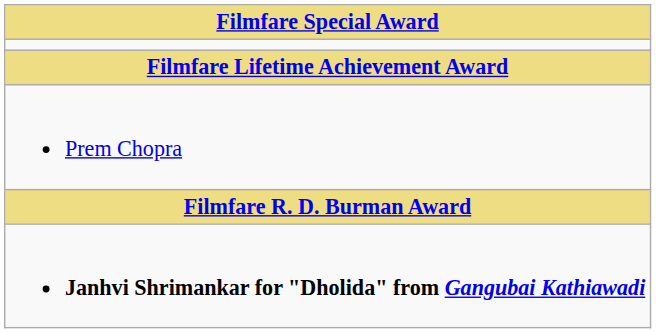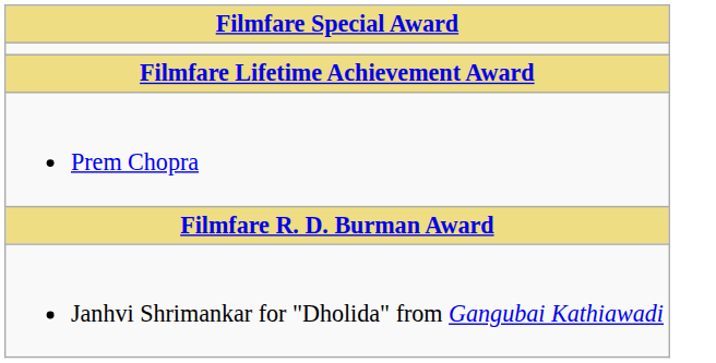 <table class="wikitable">
 <tr>
 <th style="background:#EEDD82;" colspan="2"><a href='#'>Filmfare Special Award</a></th>
 </tr>
 <tr>
 <td></td>
 </tr>
 <tr>
 <th style="background:#EEDD82;"><a href='#'>Filmfare Lifetime Achievement Award</a></th>
 </tr>
 <tr>
 <td><br><ul><li><a href='#'>Prem Chopra</a></li></ul></td>
 </tr>
 <tr>
 <th style="background:#EEDD82;"><a href='#'>Filmfare R. D. Burman Award</a></th>
 </tr>
 <tr>
-<td><strong><br><ul><li>Janhvi Shrimankar for "Dholida" from <em><a href='#'>Gangubai Kathiawadi</a></em></li></ul></strong></td>
+<td><br><ul><li>Janhvi Shrimankar for "Dholida" from <em><a href='#'>Gangubai Kathiawadi</a></em></li></ul></td>
 </tr>
 </table>
